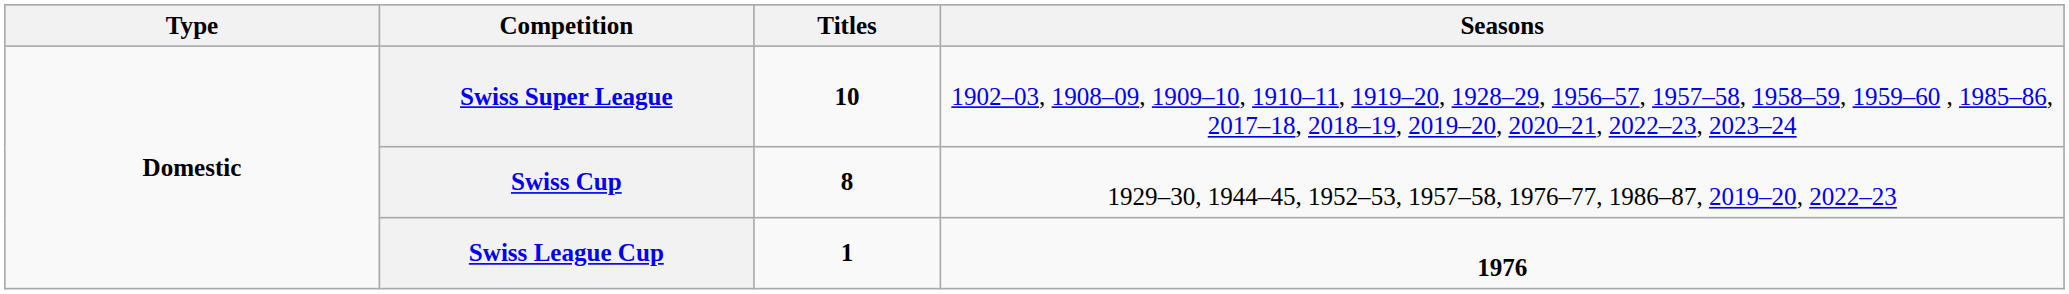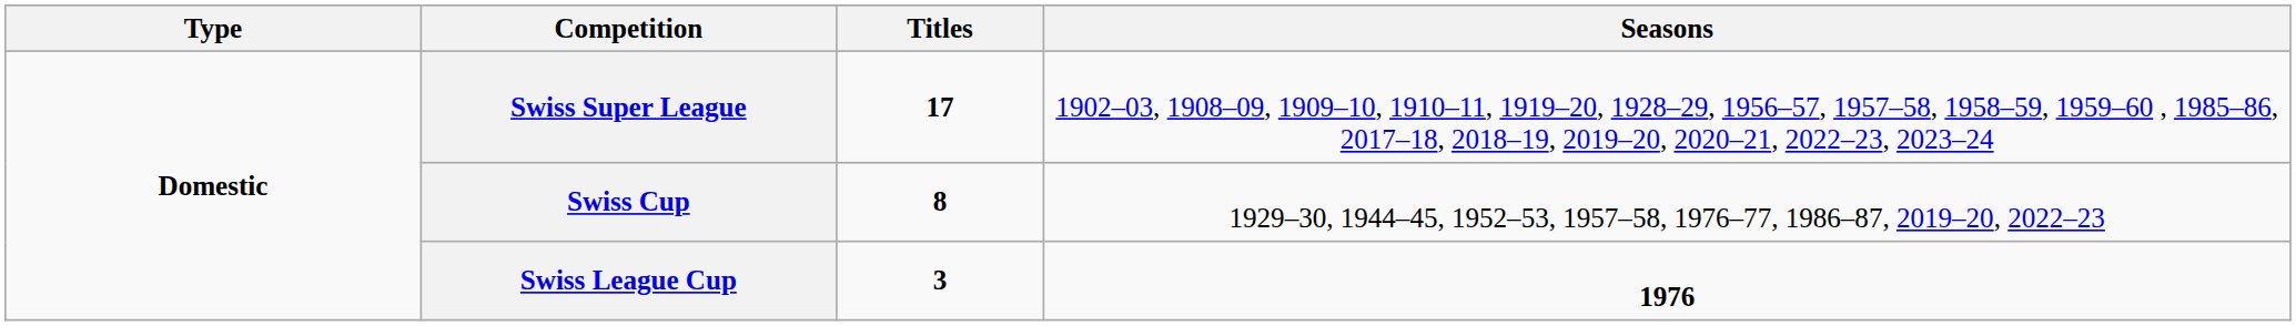 <table class="wikitable plainrowheaders" style="font-size:95%; text-align:center;">
 <tr>
 <th style="width: 10%;">Type</th>
 <th style="width: 10%;">Competition</th>
 <th style="width: 5%;">Titles</th>
 <th style="width: 30%;">Seasons</th>
 </tr>
 <tr>
 <td rowspan="3"><strong>Domestic</strong></td>
 <th scope=col><a href='#'>Swiss Super League</a></th>
-<td><strong>10</strong></td>
+<td><strong>17</strong></td>
 <td><br><a href='#'>1902–03</a>, <a href='#'>1908–09</a>,  <a href='#'>1909–10</a>,  <a href='#'>1910–11</a>,  <a href='#'>1919–20</a>,  <a href='#'>1928–29</a>,  <a href='#'>1956–57</a>,  <a href='#'>1957–58</a>,  <a href='#'>1958–59</a>,  <a href='#'>1959–60</a>  ,  <a href='#'>1985–86</a>,  <a href='#'>2017–18</a>, <a href='#'>2018–19</a>, <a href='#'>2019–20</a>, <a href='#'>2020–21</a>, <a href='#'>2022–23</a>, <a href='#'>2023–24</a></td>
 </tr>
 <tr>
 <th scope="col"><a href='#'>Swiss Cup</a></th>
 <td><strong>8</strong></td>
 <td><br>1929–30,  1944–45,  1952–53,  1957–58,  1976–77,  1986–87,  <a href='#'>2019–20</a>, <a href='#'>2022–23</a></td>
 </tr>
 <tr>
 <th scope="col"><a href='#'>Swiss League Cup</a></th>
-<td><strong>1</strong></td>
+<td><strong>3</strong></td>
 <td><strong><br>1976</strong></td>
 </tr>
 </table>
